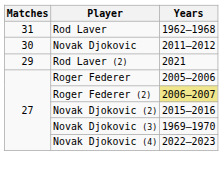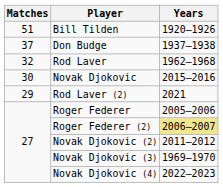 <table class=wikitable style="display:inline-table;">
 <tr>
 <th>Matches</th>
 <th>Player</th>
 <th>Years</th>
 </tr>
 <tr>
-<td style="text-align:center;">31</td>
+<td style="text-align:center;">51</td>
+<td> Bill Tilden</td>
+<td>1920–1926</td>
+</tr>
+<tr>
+<td style="text-align:center;">37</td>
+<td> Don Budge</td>
+<td>1937–1938</td>
+</tr>
+<tr>
+<td style="text-align:center;">32</td>
 <td> Rod Laver</td>
 <td>1962–1968</td>
 </tr>
 <tr>
 <td style="text-align:center;">30</td>
 <td> Novak Djokovic</td>
-<td>2011–2012</td>
+<td>2015–2016</td>
 </tr>
 <tr>
 <td style="text-align:center;">29</td>
 <td> Rod Laver <small>(2)</small></td>
 <td>2021</td>
 </tr>
 <tr>
 <td rowspan="5" style="text-align:center;">27</td>
 <td> Roger Federer</td>
 <td>2005–2006</td>
 </tr>
 <tr>
 <td> Roger Federer <small>(2)</small></td>
 <td style="background: khaki;">2006–2007</td>
 </tr>
 <tr>
 <td> Novak Djokovic <small>(2)</small></td>
-<td>2015–2016</td>
+<td>2011–2012</td>
 </tr>
 <tr>
 <td> Novak Djokovic <small>(3)</small></td>
 <td>1969–1970</td>
 </tr>
 <tr>
 <td> Novak Djokovic <small>(4)</small></td>
 <td>2022–2023</td>
 </tr>
 </table>
